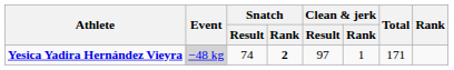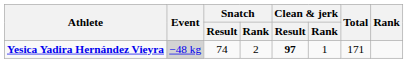 <table class="wikitable">
 <tr>
 <th rowspan="2">Athlete</th>
 <th rowspan="2">Event</th>
 <th colspan="2">Snatch</th>
 <th colspan="2">Clean & jerk</th>
 <th rowspan="2">Total</th>
 <th rowspan="2">Rank</th>
 </tr>
 <tr>
 <th>Result</th>
 <th>Rank</th>
 <th>Result</th>
 <th>Rank</th>
 </tr>
 <tr align="center">
 <td align="left"><strong><a href='#'>Yesica Yadira Hernández Vieyra</a></strong></td>
 <td align="left" style="background: lightgrey;"><a href='#'>−48 kg</a></td>
 <td>74</td>
-<td><strong>2</strong></td>
-<td>97</td>
+<td>2</td>
+<td><strong>97</strong></td>
 <td>1</td>
 <td>171</td>
 <td></td>
 </tr>
 </table>
